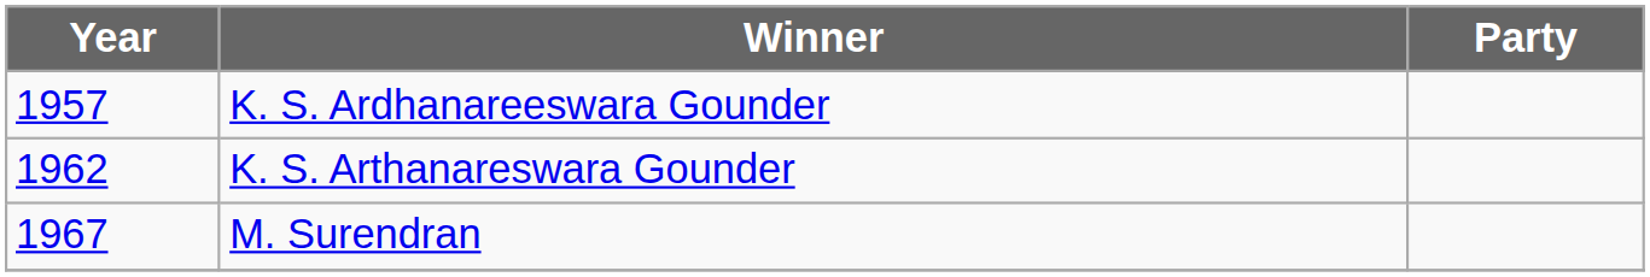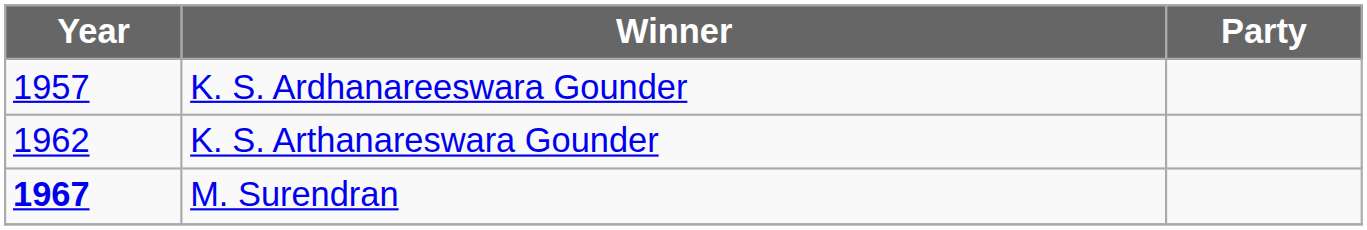 <table class="wikitable" width="50%">
 <tr>
 <th style="background-color:#666666; color:white">Year</th>
 <th style="background-color:#666666; color:white">Winner</th>
 <th style="background-color:#666666; color:white" colspan="2">Party</th>
 </tr>
 <tr>
 <td><a href='#'>1957</a></td>
 <td><a href='#'>K. S. Ardhanareeswara Gounder</a></td>
 <td></td>
 </tr>
 <tr>
 <td><a href='#'>1962</a></td>
 <td><a href='#'>K. S. Arthanareswara Gounder</a></td>
 <td></td>
 </tr>
 <tr>
-<td><a href='#'>1967</a></td>
+<td><strong><a href='#'>1967</a></strong></td>
 <td><a href='#'>M. Surendran</a></td>
 <td></td>
 </tr>
 <tr>
 </tr>
 </table>
